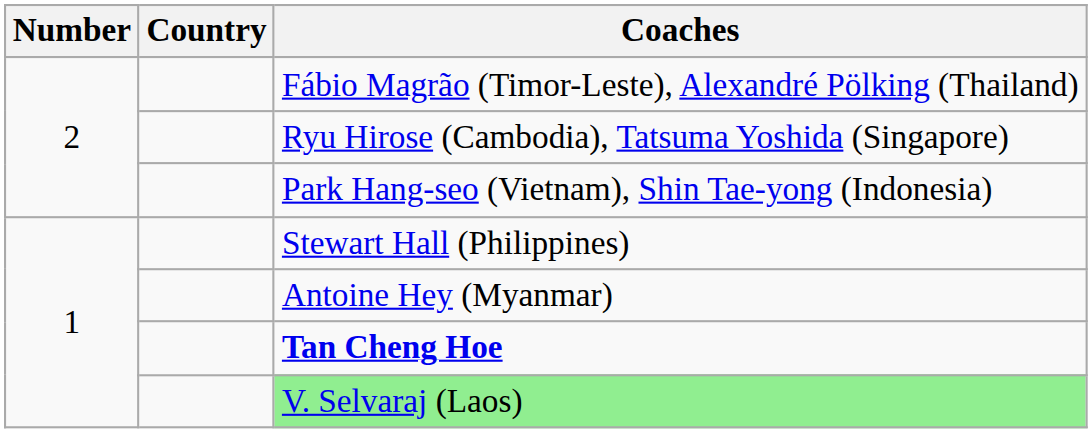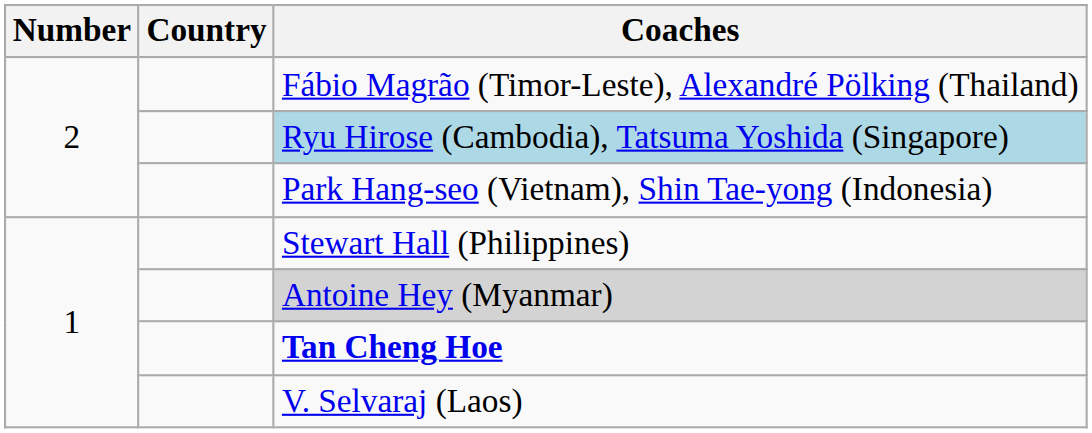 <table class="wikitable">
 <tr>
 <th>Number</th>
 <th>Country</th>
 <th>Coaches</th>
 </tr>
 <tr>
 <td rowspan="3" align="center">2</td>
 <td><br></td>
 <td><a href='#'>Fábio Magrão</a> (Timor-Leste), <a href='#'>Alexandré Pölking</a> (Thailand)</td>
 </tr>
 <tr>
 <td></td>
-<td><a href='#'>Ryu Hirose</a> (Cambodia), <a href='#'>Tatsuma Yoshida</a> (Singapore)</td>
+<td style="background: lightblue;"><a href='#'>Ryu Hirose</a> (Cambodia), <a href='#'>Tatsuma Yoshida</a> (Singapore)</td>
 </tr>
 <tr>
 <td></td>
 <td><a href='#'>Park Hang-seo</a> (Vietnam), <a href='#'>Shin Tae-yong</a> (Indonesia)</td>
 </tr>
 <tr>
 <td rowspan="4" align="center">1</td>
 <td></td>
 <td><a href='#'>Stewart Hall</a> (Philippines)</td>
 </tr>
 <tr>
 <td></td>
-<td><a href='#'>Antoine Hey</a> (Myanmar)</td>
+<td style="background: lightgrey;"><a href='#'>Antoine Hey</a> (Myanmar)</td>
 </tr>
 <tr>
 <td></td>
 <td><strong><a href='#'>Tan Cheng Hoe</a></strong></td>
 </tr>
 <tr>
 <td></td>
-<td style="background: lightgreen;"><a href='#'>V. Selvaraj</a> (Laos)</td>
+<td><a href='#'>V. Selvaraj</a> (Laos)</td>
 </tr>
 </table>
